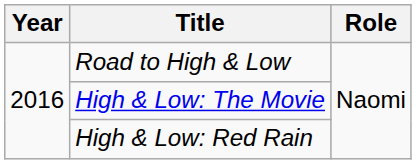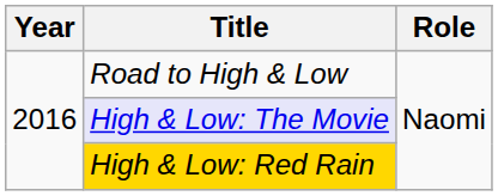 <table class="wikitable">
 <tr>
 <th>Year</th>
 <th>Title</th>
 <th>Role</th>
 </tr>
 <tr>
 <td rowspan="3">2016</td>
 <td><em>Road to High & Low</em></td>
 <td rowspan="3">Naomi</td>
 </tr>
 <tr>
-<td><em><a href='#'>High & Low: The Movie</a></em></td>
+<td style="background: lavender;"><em><a href='#'>High & Low: The Movie</a></em></td>
 </tr>
 <tr>
-<td><em>High & Low: Red Rain</em></td>
+<td style="background: gold;"><em>High & Low: Red Rain</em></td>
 </tr>
 </table>
